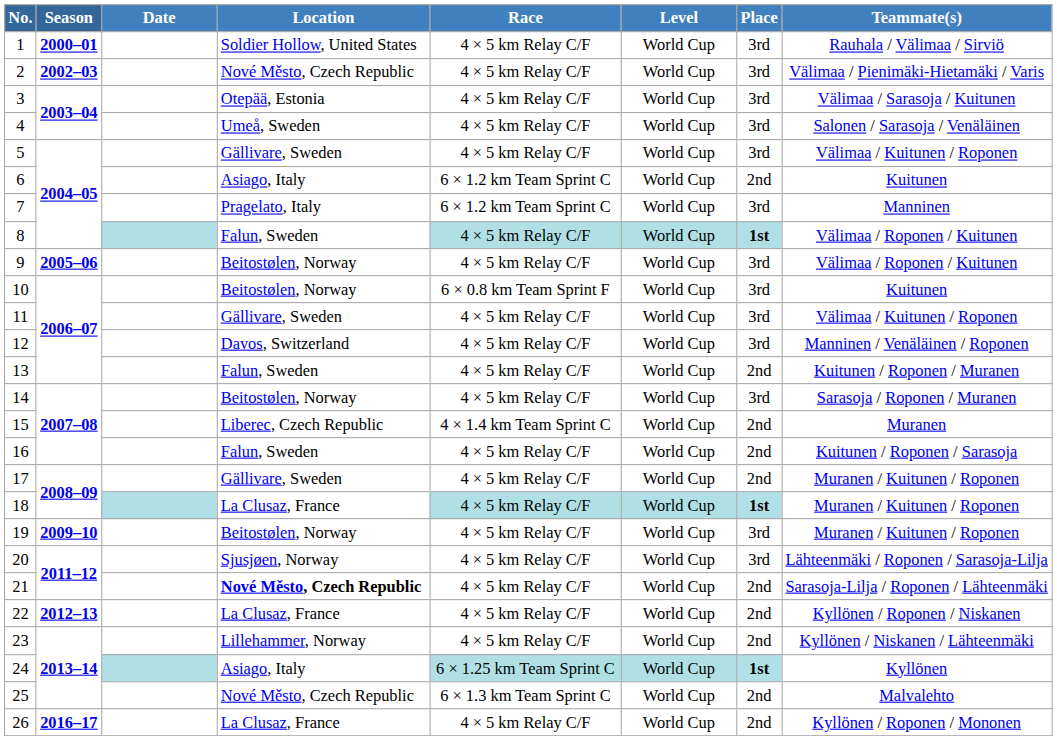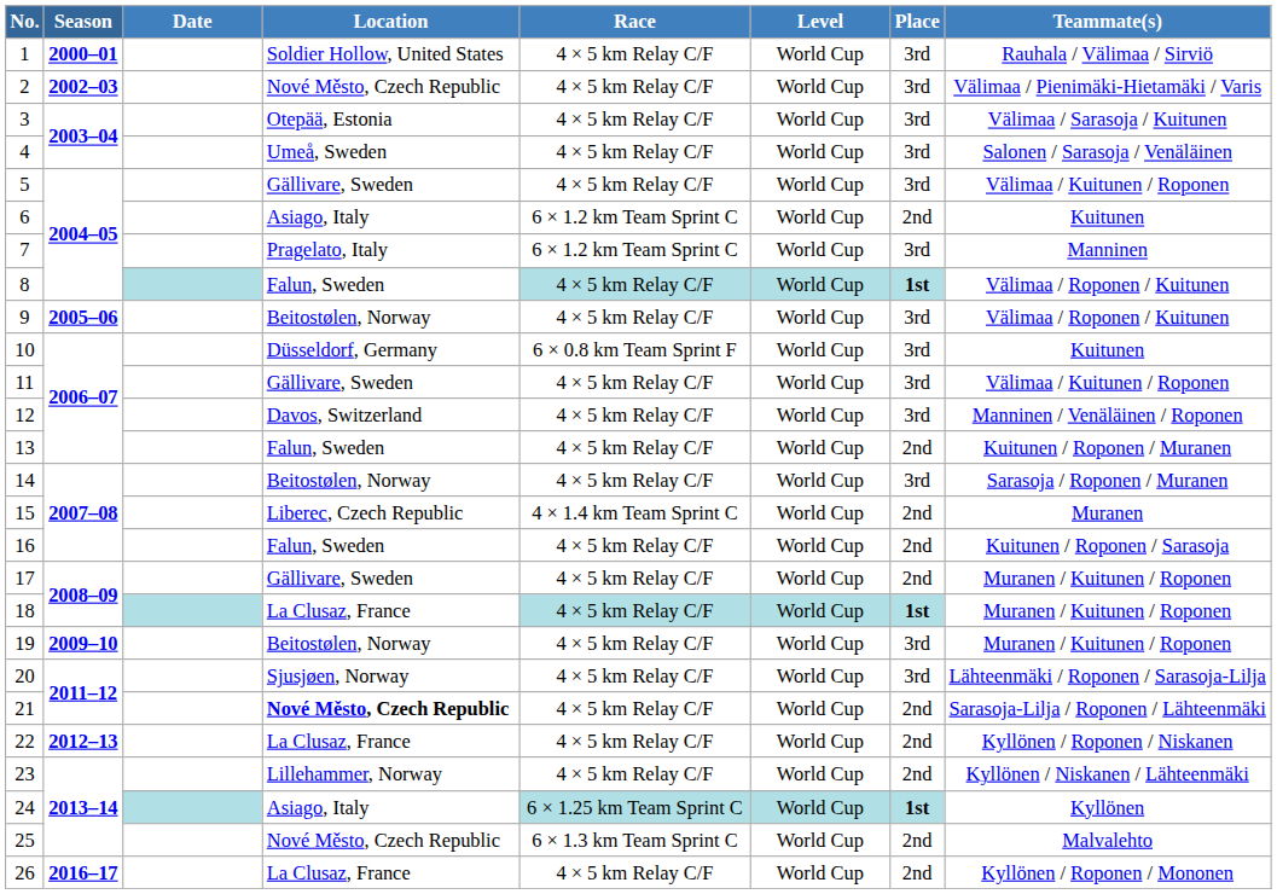 <table class="wikitable sortable" style="font-size:95%; text-align:center; border:grey solid 1px; border-collapse:collapse; background:#ffffff;">
 <tr style="background:#efefef;">
 <th style="background-color:#369; color:white;">No.</th>
 <th style="background-color:#369; color:white;">Season</th>
 <th style="background-color:#4180be; color:white; width:100px;">Date</th>
 <th style="background-color:#4180be; color:white; width:190px;">Location</th>
 <th style="background-color:#4180be; color:white; width:170px;">Race</th>
 <th style="background-color:#4180be; color:white; width:100px;">Level</th>
 <th style="background-color:#4180be; color:white;">Place</th>
 <th style="background-color:#4180be; color:white;">Teammate(s)</th>
 </tr>
 <tr>
 <td>1</td>
 <td><strong><a href='#'>2000–01</a></strong></td>
 <td style="text-align: right;"></td>
 <td style="text-align: left;"> <a href='#'>Soldier Hollow</a>, United States</td>
 <td>4 × 5 km Relay C/F</td>
 <td>World Cup</td>
 <td>3rd</td>
 <td><a href='#'>Rauhala</a> / <a href='#'>Välimaa</a> / <a href='#'>Sirviö</a></td>
 </tr>
 <tr>
 <td>2</td>
 <td><strong><a href='#'>2002–03</a></strong></td>
 <td style="text-align: right;"></td>
 <td style="text-align: left;"> <a href='#'>Nové Město</a>, Czech Republic</td>
 <td>4 × 5 km Relay C/F</td>
 <td>World Cup</td>
 <td>3rd</td>
 <td><a href='#'>Välimaa</a> / <a href='#'>Pienimäki-Hietamäki</a> / <a href='#'>Varis</a></td>
 </tr>
 <tr>
 <td>3</td>
 <td rowspan="2"><strong><a href='#'>2003–04</a></strong></td>
 <td style="text-align: right;"></td>
 <td style="text-align: left;"> <a href='#'>Otepää</a>, Estonia</td>
 <td>4 × 5 km Relay C/F</td>
 <td>World Cup</td>
 <td>3rd</td>
 <td><a href='#'>Välimaa</a> / <a href='#'>Sarasoja</a> / <a href='#'>Kuitunen</a></td>
 </tr>
 <tr>
 <td>4</td>
 <td style="text-align: right;"></td>
 <td style="text-align: left;"> <a href='#'>Umeå</a>, Sweden</td>
 <td>4 × 5 km Relay C/F</td>
 <td>World Cup</td>
 <td>3rd</td>
 <td><a href='#'>Salonen</a> / <a href='#'>Sarasoja</a> / <a href='#'>Venäläinen</a></td>
 </tr>
 <tr>
 <td>5</td>
 <td rowspan="4"><strong><a href='#'>2004–05</a></strong></td>
 <td style="text-align: right;"></td>
 <td style="text-align: left;"> <a href='#'>Gällivare</a>, Sweden</td>
 <td>4 × 5 km Relay C/F</td>
 <td>World Cup</td>
 <td>3rd</td>
 <td><a href='#'>Välimaa</a> / <a href='#'>Kuitunen</a> / <a href='#'>Roponen</a></td>
 </tr>
 <tr>
 <td>6</td>
 <td style="text-align: right;"></td>
 <td style="text-align: left;"> <a href='#'>Asiago</a>, Italy</td>
 <td>6 × 1.2 km Team Sprint C</td>
 <td>World Cup</td>
 <td>2nd</td>
 <td><a href='#'>Kuitunen</a></td>
 </tr>
 <tr>
 <td>7</td>
 <td style="text-align: right;"></td>
 <td style="text-align: left;"> <a href='#'>Pragelato</a>, Italy</td>
 <td>6 × 1.2 km Team Sprint C</td>
 <td>World Cup</td>
 <td>3rd</td>
 <td><a href='#'>Manninen</a></td>
 </tr>
 <tr>
 <td>8</td>
 <td bgcolor="#BOEOE6" style="text-align: right;"></td>
 <td style="text-align: left;"> <a href='#'>Falun</a>, Sweden</td>
 <td bgcolor="#BOEOE6">4 × 5 km Relay C/F</td>
 <td bgcolor="#BOEOE6">World Cup</td>
 <td bgcolor="#BOEOE6"><strong>1st</strong></td>
 <td><a href='#'>Välimaa</a> / <a href='#'>Roponen</a> / <a href='#'>Kuitunen</a></td>
 </tr>
 <tr>
 <td>9</td>
 <td><strong><a href='#'>2005–06</a></strong></td>
 <td style="text-align: right;"></td>
 <td style="text-align: left;"> <a href='#'>Beitostølen</a>, Norway</td>
 <td>4 × 5 km Relay C/F</td>
 <td>World Cup</td>
 <td>3rd</td>
 <td><a href='#'>Välimaa</a> / <a href='#'>Roponen</a> / <a href='#'>Kuitunen</a></td>
 </tr>
 <tr>
 <td>10</td>
 <td rowspan="4"><strong><a href='#'>2006–07</a></strong></td>
 <td style="text-align: right;"></td>
-<td style="text-align: left;"> <a href='#'>Beitostølen</a>, Norway</td>
+<td style="text-align: left;"> <a href='#'>Düsseldorf</a>, Germany</td>
 <td>6 × 0.8 km Team Sprint F</td>
 <td>World Cup</td>
 <td>3rd</td>
 <td><a href='#'>Kuitunen</a></td>
 </tr>
 <tr>
 <td>11</td>
 <td style="text-align: right;"></td>
 <td style="text-align: left;"> <a href='#'>Gällivare</a>, Sweden</td>
 <td>4 × 5 km Relay C/F</td>
 <td>World Cup</td>
 <td>3rd</td>
 <td><a href='#'>Välimaa</a> / <a href='#'>Kuitunen</a> / <a href='#'>Roponen</a></td>
 </tr>
 <tr>
 <td>12</td>
 <td style="text-align: right;"></td>
 <td style="text-align: left;"> <a href='#'>Davos</a>, Switzerland</td>
 <td>4 × 5 km Relay C/F</td>
 <td>World Cup</td>
 <td>3rd</td>
 <td><a href='#'>Manninen</a> / <a href='#'>Venäläinen</a> / <a href='#'>Roponen</a></td>
 </tr>
 <tr>
 <td>13</td>
 <td style="text-align: right;"></td>
 <td style="text-align: left;"> <a href='#'>Falun</a>, Sweden</td>
 <td>4 × 5 km Relay C/F</td>
 <td>World Cup</td>
 <td>2nd</td>
 <td><a href='#'>Kuitunen</a> / <a href='#'>Roponen</a> / <a href='#'>Muranen</a></td>
 </tr>
 <tr>
 <td>14</td>
 <td rowspan="3"><strong><a href='#'>2007–08</a></strong></td>
 <td style="text-align: right;"></td>
 <td style="text-align: left;"> <a href='#'>Beitostølen</a>, Norway</td>
 <td>4 × 5 km Relay C/F</td>
 <td>World Cup</td>
 <td>3rd</td>
 <td><a href='#'>Sarasoja</a> / <a href='#'>Roponen</a> / <a href='#'>Muranen</a></td>
 </tr>
 <tr>
 <td>15</td>
 <td style="text-align: right;"></td>
 <td style="text-align: left;"> <a href='#'>Liberec</a>, Czech Republic</td>
 <td>4 × 1.4 km Team Sprint C</td>
 <td>World Cup</td>
 <td>2nd</td>
 <td><a href='#'>Muranen</a></td>
 </tr>
 <tr>
 <td>16</td>
 <td style="text-align: right;"></td>
 <td style="text-align: left;"> <a href='#'>Falun</a>, Sweden</td>
 <td>4 × 5 km Relay C/F</td>
 <td>World Cup</td>
 <td>2nd</td>
 <td><a href='#'>Kuitunen</a> / <a href='#'>Roponen</a> / <a href='#'>Sarasoja</a></td>
 </tr>
 <tr>
 <td>17</td>
 <td rowspan="2"><strong><a href='#'>2008–09</a></strong></td>
 <td style="text-align: right;"></td>
 <td style="text-align: left;"> <a href='#'>Gällivare</a>, Sweden</td>
 <td>4 × 5 km Relay C/F</td>
 <td>World Cup</td>
 <td>2nd</td>
 <td><a href='#'>Muranen</a> / <a href='#'>Kuitunen</a> / <a href='#'>Roponen</a></td>
 </tr>
 <tr>
 <td>18</td>
 <td bgcolor="#BOEOE6"style="text-align: right;"></td>
 <td style="text-align: left;"> <a href='#'>La Clusaz</a>, France</td>
 <td bgcolor="#BOEOE6">4 × 5 km Relay C/F</td>
 <td bgcolor="#BOEOE6">World Cup</td>
 <td bgcolor="#BOEOE6"><strong>1st</strong></td>
 <td><a href='#'>Muranen</a> / <a href='#'>Kuitunen</a> / <a href='#'>Roponen</a></td>
 </tr>
 <tr>
 <td>19</td>
 <td><strong><a href='#'>2009–10</a></strong></td>
 <td style="text-align: right;"></td>
 <td style="text-align: left;"> <a href='#'>Beitostølen</a>, Norway</td>
 <td>4 × 5 km Relay C/F</td>
 <td>World Cup</td>
 <td>3rd</td>
 <td><a href='#'>Muranen</a> / <a href='#'>Kuitunen</a> / <a href='#'>Roponen</a></td>
 </tr>
 <tr>
 <td>20</td>
 <td rowspan="2"><strong><a href='#'>2011–12</a></strong></td>
 <td style="text-align: right;"></td>
 <td style="text-align: left;"> <a href='#'>Sjusjøen</a>, Norway</td>
 <td>4 × 5 km Relay C/F</td>
 <td>World Cup</td>
 <td>3rd</td>
 <td><a href='#'>Lähteenmäki</a> / <a href='#'>Roponen</a> / <a href='#'>Sarasoja-Lilja</a></td>
 </tr>
 <tr>
 <td>21</td>
 <td style="text-align: right;"></td>
 <td style="text-align: left;"><strong> <a href='#'>Nové Město</a>, Czech Republic</strong></td>
 <td>4 × 5 km Relay C/F</td>
 <td>World Cup</td>
 <td>2nd</td>
 <td><a href='#'>Sarasoja-Lilja</a> / <a href='#'>Roponen</a> / <a href='#'>Lähteenmäki</a></td>
 </tr>
 <tr>
 <td>22</td>
 <td><strong><a href='#'>2012–13</a></strong></td>
 <td style="text-align: right;"></td>
 <td style="text-align: left;"> <a href='#'>La Clusaz</a>, France</td>
 <td>4 × 5 km Relay C/F</td>
 <td>World Cup</td>
 <td>2nd</td>
 <td><a href='#'>Kyllönen</a> / <a href='#'>Roponen</a> / <a href='#'>Niskanen</a></td>
 </tr>
 <tr>
 <td>23</td>
 <td rowspan="3"><strong><a href='#'>2013–14</a></strong></td>
 <td style="text-align: right;"></td>
 <td style="text-align: left;"> <a href='#'>Lillehammer</a>, Norway</td>
 <td>4 × 5 km Relay C/F</td>
 <td>World Cup</td>
 <td>2nd</td>
 <td><a href='#'>Kyllönen</a> / <a href='#'>Niskanen</a> / <a href='#'>Lähteenmäki</a></td>
 </tr>
 <tr>
 <td>24</td>
 <td bgcolor="#BOEOE6" style="text-align: right;"></td>
 <td style="text-align: left;"> <a href='#'>Asiago</a>, Italy</td>
 <td bgcolor="#BOEOE6">6 × 1.25 km Team Sprint C</td>
 <td bgcolor="#BOEOE6">World Cup</td>
 <td bgcolor="#BOEOE6"><strong>1st</strong></td>
 <td><a href='#'>Kyllönen</a></td>
 </tr>
 <tr>
 <td>25</td>
 <td style="text-align: right;"></td>
 <td style="text-align: left;"> <a href='#'>Nové Město</a>, Czech Republic</td>
 <td>6 × 1.3 km Team Sprint C</td>
 <td>World Cup</td>
 <td>2nd</td>
 <td><a href='#'>Malvalehto</a></td>
 </tr>
 <tr>
 <td>26</td>
 <td><strong><a href='#'>2016–17</a></strong></td>
 <td style="text-align: right;"></td>
 <td style="text-align: left;"> <a href='#'>La Clusaz</a>, France</td>
 <td>4 × 5 km Relay C/F</td>
 <td>World Cup</td>
 <td>2nd</td>
 <td><a href='#'>Kyllönen</a> / <a href='#'>Roponen</a> / <a href='#'>Mononen</a></td>
 </tr>
 </table>
